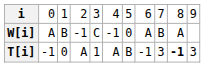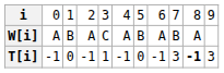 <table class="wikitable" style="background-color:white; font-family:monospace; text-align:right">
 <tr>
 <th><code>i</code></th>
 <td>0</td>
 <td>1</td>
 <td>2</td>
 <td>3</td>
 <td>4</td>
 <td>5</td>
 <td>6</td>
 <td>7</td>
 <td>8</td>
 <td>9</td>
 </tr>
 <tr>
 <th><code>W[i]</code></th>
 <td>A</td>
 <td>B</td>
-<td>-1</td>
+<td>A</td>
 <td>C</td>
-<td>-1</td>
-<td>0</td>
+<td>A</td>
+<td>B</td>
 <td>A</td>
 <td>B</td>
 <td>A</td>
 <td></td>
 </tr>
 <tr>
 <th><code>T[i]</code></th>
 <td>-1</td>
 <td>0</td>
-<td>A</td>
+<td>-1</td>
 <td>1</td>
-<td>A</td>
-<td>B</td>
+<td>-1</td>
+<td>0</td>
 <td>-1</td>
 <td>3</td>
 <td><strong>-1</strong></td>
 <td>3</td>
 </tr>
 </table>
